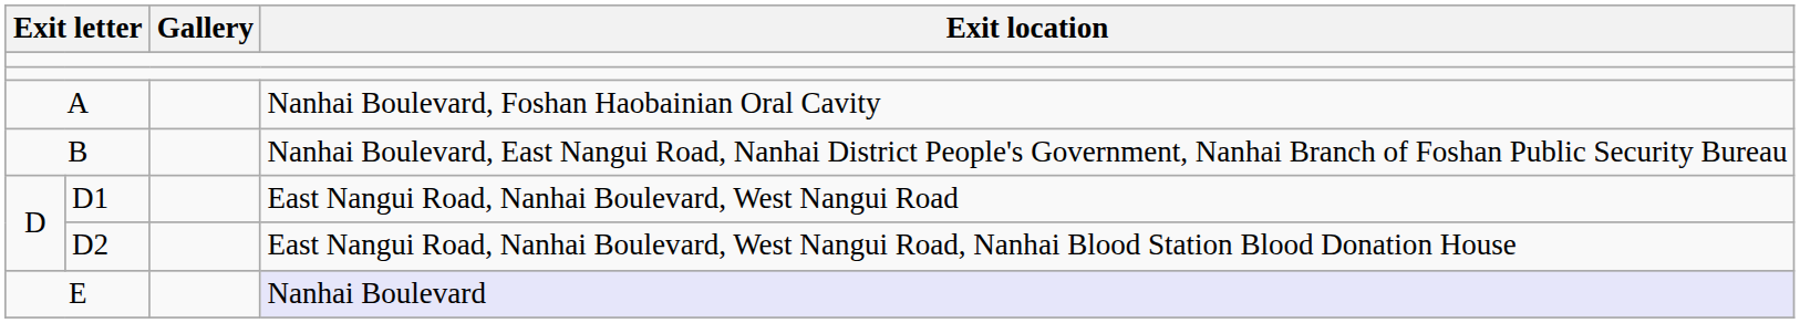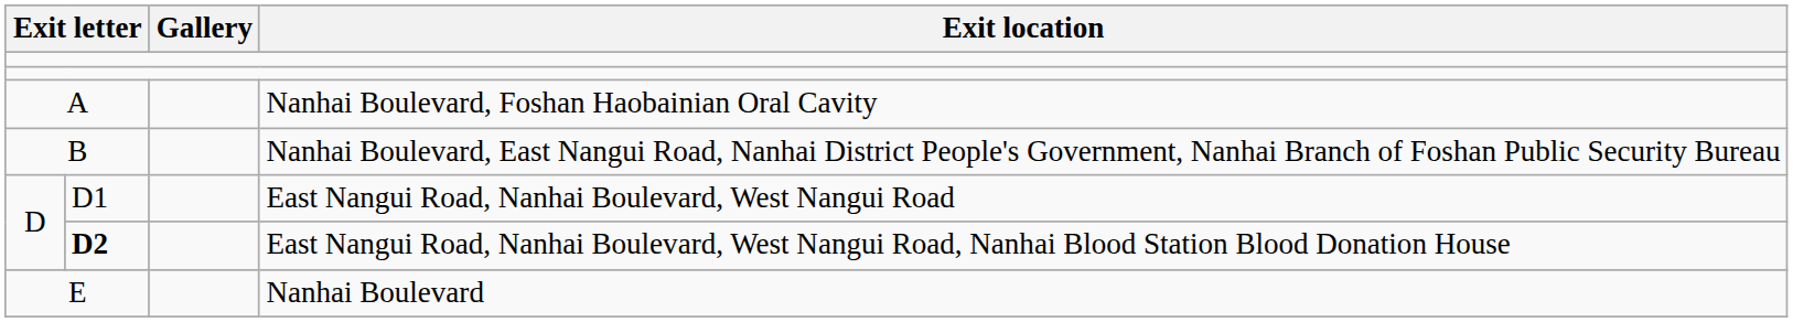 <table class="wikitable">
 <tr>
 <th style="width:70px" colspan=2>Exit letter</th>
 <th>Gallery</th>
 <th>Exit location</th>
 </tr>
 <tr style="background:#">
 <td colspan="4"></td>
 </tr>
 <tr style="background:#">
 <td colspan="4"></td>
 </tr>
 <tr>
 <td align=center colspan=2>A</td>
 <td></td>
 <td>Nanhai Boulevard, Foshan Haobainian Oral Cavity</td>
 </tr>
 <tr>
 <td align=center colspan=2>B</td>
 <td></td>
 <td>Nanhai Boulevard, East Nangui Road, Nanhai District People's Government, Nanhai Branch of Foshan Public Security Bureau</td>
 </tr>
 <tr>
 <td align=center rowspan=2>D</td>
 <td>D1</td>
 <td></td>
 <td>East Nangui Road, Nanhai Boulevard, West Nangui Road</td>
 </tr>
 <tr>
-<td>D2</td>
+<td><strong>D2</strong></td>
 <td></td>
 <td>East Nangui Road, Nanhai Boulevard, West Nangui Road, Nanhai Blood Station Blood Donation House</td>
 </tr>
 <tr>
 <td align=center colspan=2>E</td>
 <td></td>
-<td style="background: lavender;">Nanhai Boulevard</td>
+<td>Nanhai Boulevard</td>
 </tr>
 </table>
